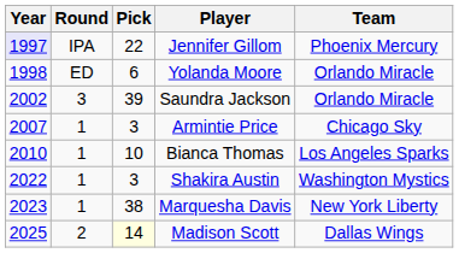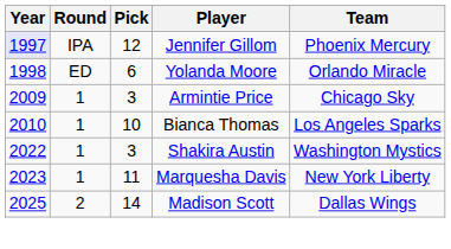 <table class="wikitable sortable sortable" style="text-align: center">
 <tr align=center>
 <th>Year</th>
 <th>Round</th>
 <th>Pick</th>
 <th>Player</th>
 <th>Team</th>
 </tr>
 <tr>
 <td rowspan="1" style="background: lavender;"><a href='#'>1997</a></td>
 <td rowspan="1">IPA</td>
-<td rowspan="1">22</td>
+<td rowspan="1">12</td>
 <td rowspan="1"><a href='#'>Jennifer Gillom</a></td>
 <td rowspan="1"><a href='#'>Phoenix Mercury</a></td>
 </tr>
 <tr>
 <td rowspan="1"><a href='#'>1998</a></td>
 <td rowspan="1">ED</td>
 <td rowspan="1">6</td>
 <td rowspan="1"><a href='#'>Yolanda Moore</a></td>
 <td rowspan="1"><a href='#'>Orlando Miracle</a></td>
 </tr>
 <tr>
-<td rowspan="1"><a href='#'>2002</a></td>
-<td rowspan="1">3</td>
-<td rowspan="1">39</td>
-<td rowspan="1">Saundra Jackson</td>
-<td rowspan="1"><a href='#'>Orlando Miracle</a></td>
-</tr>
-<tr>
-<td rowspan="1"><a href='#'>2007</a></td>
+<td rowspan="1"><a href='#'>2009</a></td>
 <td rowspan="1">1</td>
 <td rowspan="1">3</td>
 <td rowspan="1"><a href='#'>Armintie Price</a></td>
 <td rowspan="1"><a href='#'>Chicago Sky</a></td>
 </tr>
 <tr>
 <td rowspan="1"><a href='#'>2010</a></td>
 <td rowspan="1">1</td>
 <td rowspan="1">10</td>
 <td rowspan="1">Bianca Thomas</td>
 <td rowspan="1"><a href='#'>Los Angeles Sparks</a></td>
 </tr>
 <tr>
 <td rowspan="1"><a href='#'>2022</a></td>
 <td rowspan="1">1</td>
 <td rowspan="1">3</td>
 <td rowspan="1"><a href='#'>Shakira Austin</a></td>
 <td rowspan="1"><a href='#'>Washington Mystics</a></td>
 </tr>
 <tr>
 <td rowspan="1"><a href='#'>2023</a></td>
 <td rowspan="1">1</td>
-<td rowspan="1">38</td>
+<td rowspan="1">11</td>
 <td rowspan="1"><a href='#'>Marquesha Davis</a></td>
 <td rowspan="1"><a href='#'>New York Liberty</a></td>
 </tr>
 <tr>
 <td rowspan="1"><a href='#'>2025</a></td>
 <td rowspan="1">2</td>
-<td rowspan="1" style="background: lightyellow;">14</td>
+<td rowspan="1">14</td>
 <td rowspan="1"><a href='#'>Madison Scott</a></td>
 <td rowspan="1"><a href='#'>Dallas Wings</a></td>
 </tr>
 </table>
